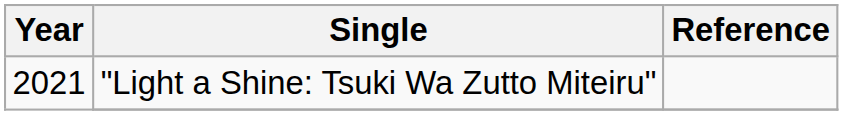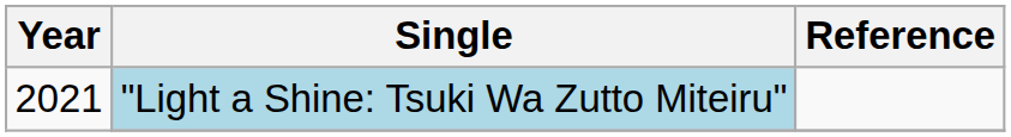 <table class="wikitable plainrowheaders" style="text-align:center;">
 <tr>
 <th scope="col">Year</th>
 <th scope="col">Single</th>
 <th scope="col">Reference</th>
 </tr>
 <tr>
 <td rowspan="4">2021</td>
-<td style="text-align:left;">"Light a Shine: Tsuki Wa Zutto Miteiru"<br></td>
+<td style="background: lightblue; text-align:left;">"Light a Shine: Tsuki Wa Zutto Miteiru"<br></td>
 <td></td>
 </tr>
 <tr>
 </tr>
 </table>
